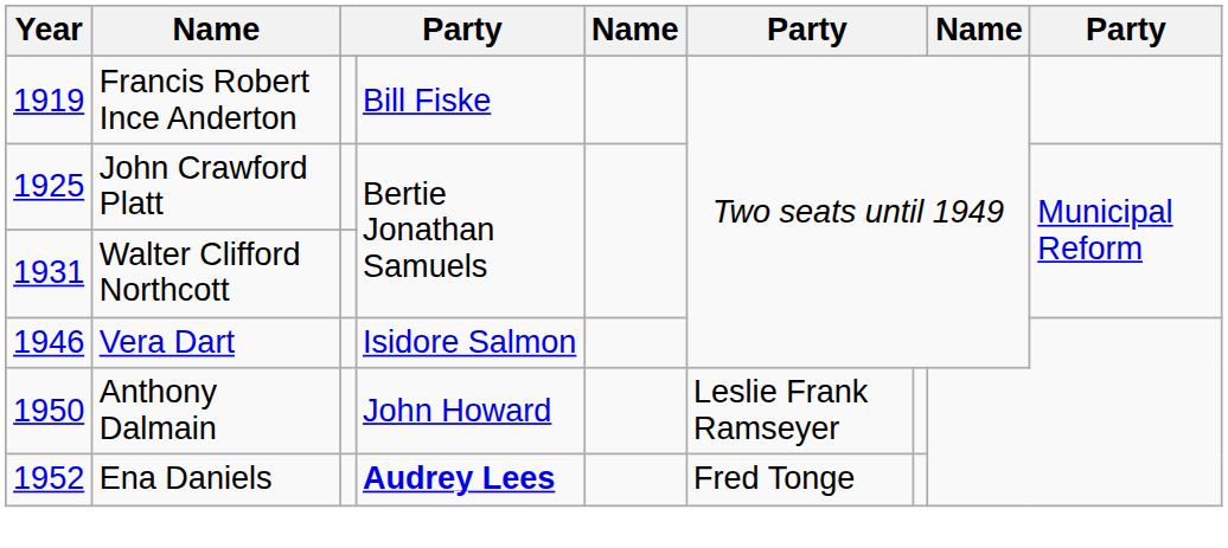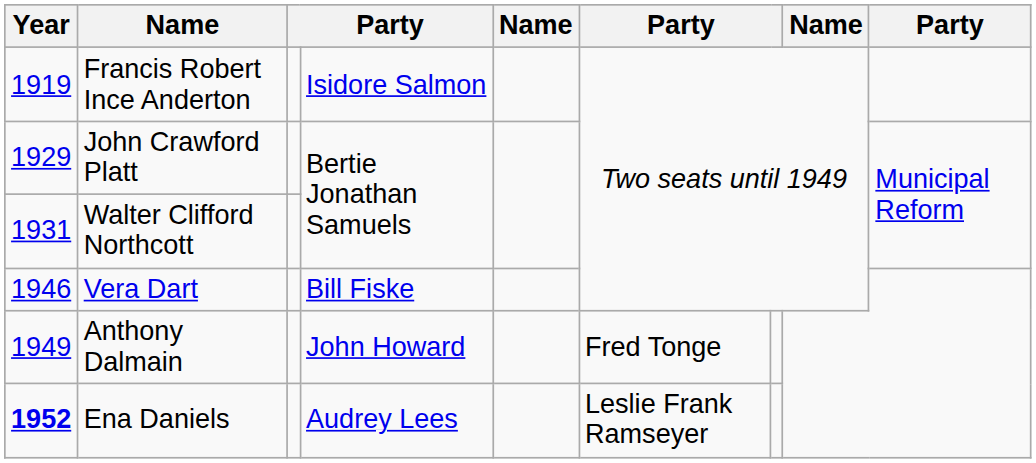 <table class="wikitable">
 <tr>
 <th>Year</th>
 <th>Name</th>
 <th colspan=2>Party</th>
 <th>Name</th>
 <th colspan=2>Party</th>
 <th>Name</th>
 <th colspan=2>Party</th>
 </tr>
 <tr>
 <td><a href='#'>1919</a></td>
 <td>Francis Robert Ince Anderton</td>
 <td></td>
-<td><a href='#'>Bill Fiske</a></td>
+<td><a href='#'>Isidore Salmon</a></td>
 <td></td>
 <td rowspan=4 colspan=3 align="center"><em>Two seats until 1949</em></td>
 </tr>
 <tr>
-<td><a href='#'>1925</a></td>
+<td><a href='#'>1929</a></td>
 <td>John Crawford Platt</td>
 <td></td>
 <td rowspan=2>Bertie Jonathan Samuels</td>
 <td rowspan=2 style="background-color: "></td>
 <td rowspan=2><a href='#'>Municipal Reform</a></td>
 </tr>
 <tr>
 <td><a href='#'>1931</a></td>
 <td>Walter Clifford Northcott</td>
 <td></td>
 </tr>
 <tr>
 <td><a href='#'>1946</a></td>
 <td><a href='#'>Vera Dart</a></td>
 <td></td>
-<td><a href='#'>Isidore Salmon</a></td>
+<td><a href='#'>Bill Fiske</a></td>
 <td></td>
 </tr>
 <tr>
-<td><a href='#'>1950</a></td>
+<td><a href='#'>1949</a></td>
 <td>Anthony Dalmain</td>
 <td></td>
 <td><a href='#'>John Howard</a></td>
 <td></td>
+<td>Fred Tonge</td>
+<td></td>
+</tr>
+<tr>
+<td><strong><a href='#'>1952</a></strong></td>
+<td>Ena Daniels</td>
+<td></td>
+<td><a href='#'>Audrey Lees</a></td>
+<td></td>
 <td>Leslie Frank Ramseyer</td>
 <td></td>
 </tr>
-<tr>
-<td><a href='#'>1952</a></td>
-<td>Ena Daniels</td>
-<td></td>
-<td><strong><a href='#'>Audrey Lees</a></strong></td>
-<td></td>
-<td>Fred Tonge</td>
-<td></td>
-</tr>
 </table>
